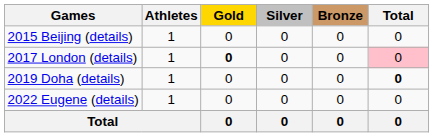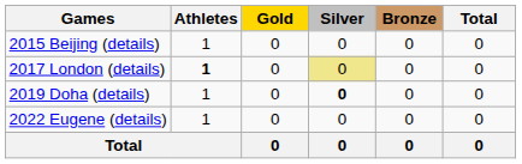 <table class="wikitable" style="text-align:center; font-size:90%;">
 <tr>
 <th>Games</th>
 <th>Athletes</th>
 <td style="background:gold; width:3.7em; font-weight:bold;">Gold</td>
 <td style="background:silver; width:3.7em; font-weight:bold;">Silver</td>
 <td style="background:#cc9966; width:3.7em; font-weight:bold;">Bronze</td>
 <th style="width:4em; font-weight:bold;">Total</th>
 </tr>
 <tr>
 <td align=left> <a href='#'>2015 Beijing</a> (<a href='#'>details</a>)</td>
 <td>1</td>
 <td>0</td>
 <td>0</td>
 <td>0</td>
 <td>0</td>
 </tr>
 <tr>
 <td align=left> <a href='#'>2017 London</a> (<a href='#'>details</a>)</td>
-<td>1</td>
-<td><strong>0</strong></td>
+<td><strong>1</strong></td>
+<td>0</td>
+<td style="background: khaki;">0</td>
 <td>0</td>
 <td>0</td>
-<td style="background: pink;">0</td>
 </tr>
 <tr>
 <td align=left> <a href='#'>2019 Doha</a> (<a href='#'>details</a>)</td>
 <td>1</td>
 <td>0</td>
+<td><strong>0</strong></td>
 <td>0</td>
 <td>0</td>
-<td><strong>0</strong></td>
 </tr>
 <tr>
 <td align=left> <a href='#'>2022 Eugene</a> (<a href='#'>details</a>)</td>
 <td>1</td>
 <td>0</td>
 <td>0</td>
 <td>0</td>
 <td>0</td>
 </tr>
 <tr>
 <th colspan=2>Total</th>
 <th>0</th>
 <th>0</th>
 <th>0</th>
 <th>0</th>
 </tr>
 </table>
